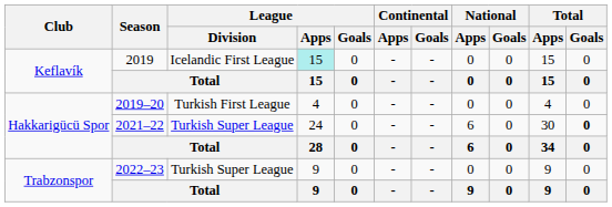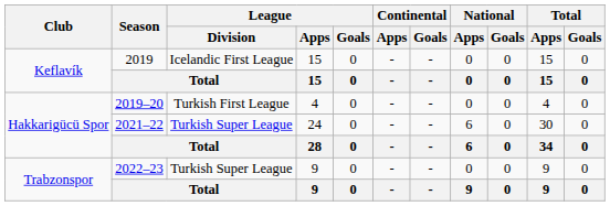 <table class="wikitable" style="text-align: center;">
 <tr>
 <th rowspan="2">Club</th>
 <th rowspan="2">Season</th>
 <th colspan="3">League</th>
 <th colspan="2">Continental</th>
 <th colspan="2">National</th>
 <th colspan="2">Total</th>
 </tr>
 <tr>
 <th>Division</th>
 <th>Apps</th>
 <th>Goals</th>
 <th>Apps</th>
 <th>Goals</th>
 <th>Apps</th>
 <th>Goals</th>
 <th>Apps</th>
 <th>Goals</th>
 </tr>
 <tr>
 <td rowspan=2><a href='#'>Keflavík</a></td>
 <td>2019</td>
 <td>Icelandic First League</td>
-<td style="background: paleturquoise;">15</td>
+<td>15</td>
 <td>0</td>
 <td>-</td>
 <td>-</td>
 <td>0</td>
 <td>0</td>
 <td>15</td>
 <td>0</td>
 </tr>
 <tr>
 <th colspan="2">Total</th>
 <th>15</th>
 <th>0</th>
 <th>-</th>
 <th>-</th>
 <th>0</th>
 <th>0</th>
 <th>15</th>
 <th>0</th>
 </tr>
 <tr>
 <td rowspan=3><a href='#'>Hakkarigücü Spor</a></td>
 <td><a href='#'>2019–20</a></td>
 <td>Turkish First League</td>
 <td>4</td>
 <td>0</td>
 <td>-</td>
 <td>-</td>
 <td>0</td>
 <td>0</td>
 <td>4</td>
 <td>0</td>
 </tr>
 <tr>
 <td><a href='#'>2021–22</a></td>
 <td><a href='#'>Turkish Super League</a></td>
 <td>24</td>
 <td>0</td>
 <td>-</td>
 <td>-</td>
 <td>6</td>
 <td>0</td>
 <td>30</td>
-<td><strong>0</strong></td>
+<td>0</td>
 </tr>
 <tr>
 <th colspan="2">Total</th>
 <th>28</th>
 <th>0</th>
 <th>-</th>
 <th>-</th>
 <th>6</th>
 <th>0</th>
 <th>34</th>
 <th>0</th>
 </tr>
 <tr>
 <td rowspan=2><a href='#'>Trabzonspor</a></td>
 <td><a href='#'>2022–23</a></td>
 <td>Turkish Super League</td>
 <td>9</td>
 <td>0</td>
 <td>-</td>
 <td>-</td>
 <td>0</td>
 <td>0</td>
 <td>9</td>
 <td>0</td>
 </tr>
 <tr>
 <th colspan="2">Total</th>
 <th>9</th>
 <th>0</th>
 <th>-</th>
 <th>-</th>
 <th>9</th>
 <th>0</th>
 <th>9</th>
 <th>0</th>
 </tr>
 </table>
